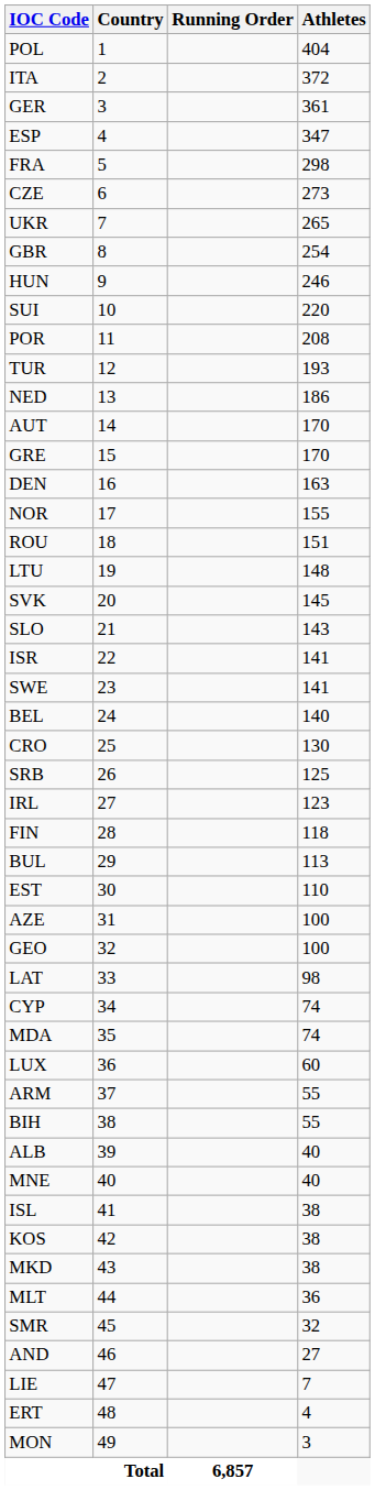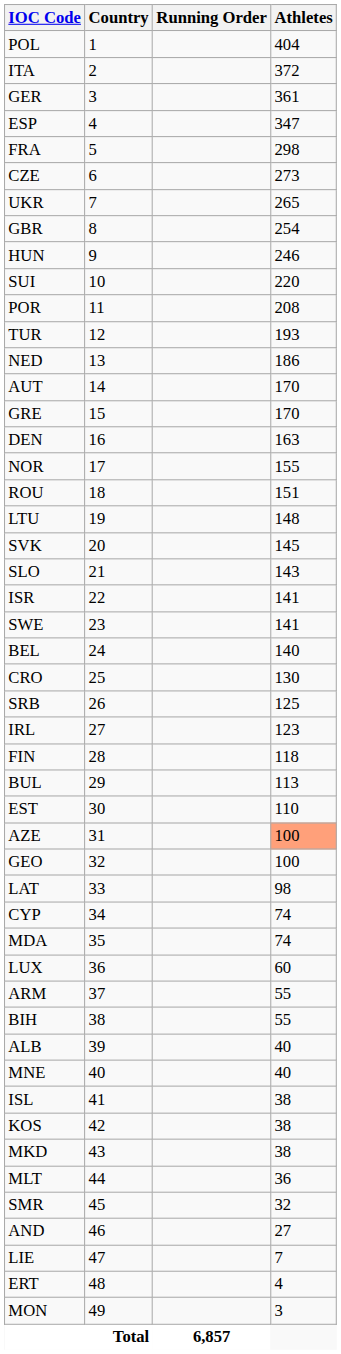 <table class="wikitable collapsible collapsed sortable" style="border:0;">
 <tr>
 <th><a href='#'>IOC Code</a></th>
 <th>Country</th>
 <th>Running Order</th>
 <th>Athletes</th>
 </tr>
 <tr>
 <td>POL</td>
 <td>1</td>
 <td></td>
 <td>404</td>
 </tr>
 <tr>
 <td>ITA</td>
 <td>2</td>
 <td></td>
 <td>372</td>
 </tr>
 <tr>
 <td>GER</td>
 <td>3</td>
 <td></td>
 <td>361</td>
 </tr>
 <tr>
 <td>ESP</td>
 <td>4</td>
 <td></td>
 <td>347</td>
 </tr>
 <tr>
 <td>FRA</td>
 <td>5</td>
 <td></td>
 <td>298</td>
 </tr>
 <tr>
 <td>CZE</td>
 <td>6</td>
 <td></td>
 <td>273</td>
 </tr>
 <tr>
 <td>UKR</td>
 <td>7</td>
 <td></td>
 <td>265</td>
 </tr>
 <tr>
 <td>GBR</td>
 <td>8</td>
 <td></td>
 <td>254</td>
 </tr>
 <tr>
 <td>HUN</td>
 <td>9</td>
 <td></td>
 <td>246</td>
 </tr>
 <tr>
 <td>SUI</td>
 <td>10</td>
 <td></td>
 <td>220</td>
 </tr>
 <tr>
 <td>POR</td>
 <td>11</td>
 <td></td>
 <td>208</td>
 </tr>
 <tr>
 <td>TUR</td>
 <td>12</td>
 <td></td>
 <td>193</td>
 </tr>
 <tr>
 <td>NED</td>
 <td>13</td>
 <td></td>
 <td>186</td>
 </tr>
 <tr>
 <td>AUT</td>
 <td>14</td>
 <td></td>
 <td>170</td>
 </tr>
 <tr>
 <td>GRE</td>
 <td>15</td>
 <td></td>
 <td>170</td>
 </tr>
 <tr>
 <td>DEN</td>
 <td>16</td>
 <td></td>
 <td>163</td>
 </tr>
 <tr>
 <td>NOR</td>
 <td>17</td>
 <td></td>
 <td>155</td>
 </tr>
 <tr>
 <td>ROU</td>
 <td>18</td>
 <td></td>
 <td>151</td>
 </tr>
 <tr>
 <td>LTU</td>
 <td>19</td>
 <td></td>
 <td>148</td>
 </tr>
 <tr>
 <td>SVK</td>
 <td>20</td>
 <td></td>
 <td>145</td>
 </tr>
 <tr>
 <td>SLO</td>
 <td>21</td>
 <td></td>
 <td>143</td>
 </tr>
 <tr>
 <td>ISR</td>
 <td>22</td>
 <td></td>
 <td>141</td>
 </tr>
 <tr>
 <td>SWE</td>
 <td>23</td>
 <td></td>
 <td>141</td>
 </tr>
 <tr>
 <td>BEL</td>
 <td>24</td>
 <td></td>
 <td>140</td>
 </tr>
 <tr>
 <td>CRO</td>
 <td>25</td>
 <td></td>
 <td>130</td>
 </tr>
 <tr>
 <td>SRB</td>
 <td>26</td>
 <td></td>
 <td>125</td>
 </tr>
 <tr>
 <td>IRL</td>
 <td>27</td>
 <td></td>
 <td>123</td>
 </tr>
 <tr>
 <td>FIN</td>
 <td>28</td>
 <td></td>
 <td>118</td>
 </tr>
 <tr>
 <td>BUL</td>
 <td>29</td>
 <td></td>
 <td>113</td>
 </tr>
 <tr>
 <td>EST</td>
 <td>30</td>
 <td></td>
 <td>110</td>
 </tr>
 <tr>
 <td>AZE</td>
 <td>31</td>
 <td></td>
-<td>100</td>
+<td style="background: lightsalmon;">100</td>
 </tr>
 <tr>
 <td>GEO</td>
 <td>32</td>
 <td></td>
 <td>100</td>
 </tr>
 <tr>
 <td>LAT</td>
 <td>33</td>
 <td></td>
 <td>98</td>
 </tr>
 <tr>
 <td>CYP</td>
 <td>34</td>
 <td></td>
 <td>74</td>
 </tr>
 <tr>
 <td>MDA</td>
 <td>35</td>
 <td></td>
 <td>74</td>
 </tr>
 <tr>
 <td>LUX</td>
 <td>36</td>
 <td></td>
 <td>60</td>
 </tr>
 <tr>
 <td>ARM</td>
 <td>37</td>
 <td></td>
 <td>55</td>
 </tr>
 <tr>
 <td>BIH</td>
 <td>38</td>
 <td></td>
 <td>55</td>
 </tr>
 <tr>
 <td>ALB</td>
 <td>39</td>
 <td></td>
 <td>40</td>
 </tr>
 <tr>
 <td>MNE</td>
 <td>40</td>
 <td></td>
 <td>40</td>
 </tr>
 <tr>
 <td>ISL</td>
 <td>41</td>
 <td></td>
 <td>38</td>
 </tr>
 <tr>
 <td>KOS</td>
 <td>42</td>
 <td></td>
 <td>38</td>
 </tr>
 <tr>
 <td>MKD</td>
 <td>43</td>
 <td></td>
 <td>38</td>
 </tr>
 <tr>
 <td>MLT</td>
 <td>44</td>
 <td></td>
 <td>36</td>
 </tr>
 <tr>
 <td>SMR</td>
 <td>45</td>
 <td></td>
 <td>32</td>
 </tr>
 <tr>
 <td>AND</td>
 <td>46</td>
 <td></td>
 <td>27</td>
 </tr>
 <tr>
 <td>LIE</td>
 <td>47</td>
 <td></td>
 <td>7</td>
 </tr>
 <tr>
 <td>ERT</td>
 <td>48</td>
 <td></td>
 <td>4</td>
 </tr>
 <tr>
 <td>MON</td>
 <td>49</td>
 <td></td>
 <td>3</td>
 </tr>
 <tr class="sortbottom">
 <td colspan=2; style="text-align:right; border:0px; background:#fff;"><strong>Total</strong></td>
 <td style="text-align:center; border:0px; background:#fff;"><strong>6,857</strong></td>
 </tr>
 </table>
